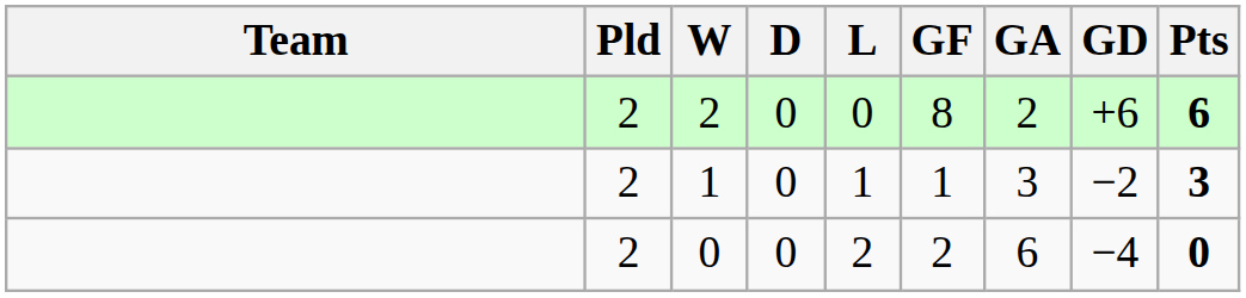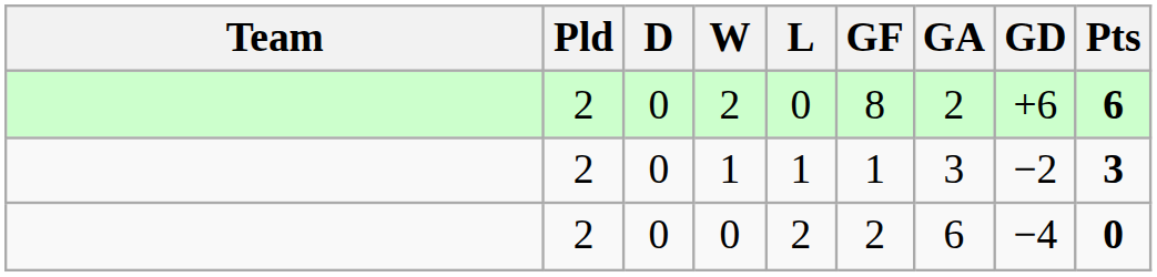 <table class=wikitable style="text-align:center">
 <tr>
 <th width=200>Team</th>
 <th width=20>Pld</th>
+<th width=20>D</th>
 <th width=20>W</th>
-<th width=20>D</th>
 <th width=20>L</th>
 <th width=20>GF</th>
 <th width=20>GA</th>
 <th width=20>GD</th>
 <th width=20>Pts</th>
 </tr>
 <tr style=background:#ccffcc>
 <td align=left></td>
 <td>2</td>
+<td>0</td>
 <td>2</td>
-<td>0</td>
 <td>0</td>
 <td>8</td>
 <td>2</td>
 <td>+6</td>
 <td><strong>6</strong></td>
 </tr>
 <tr>
 <td align=left></td>
 <td>2</td>
+<td>0</td>
 <td>1</td>
-<td>0</td>
 <td>1</td>
 <td>1</td>
 <td>3</td>
 <td>−2</td>
 <td><strong>3</strong></td>
 </tr>
 <tr>
 <td align=left></td>
 <td>2</td>
 <td>0</td>
 <td>0</td>
 <td>2</td>
 <td>2</td>
 <td>6</td>
 <td>−4</td>
 <td><strong>0</strong></td>
 </tr>
 </table>
